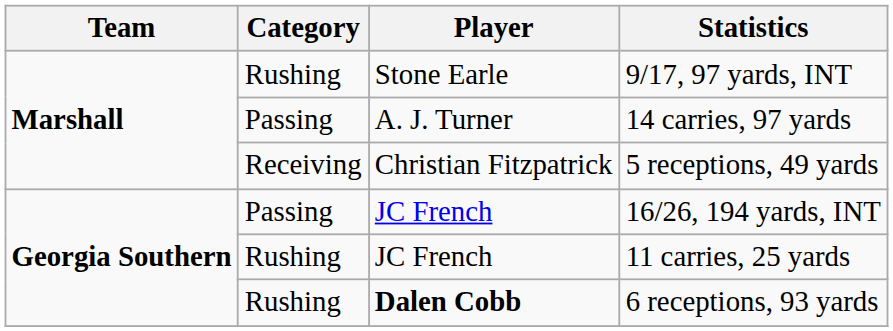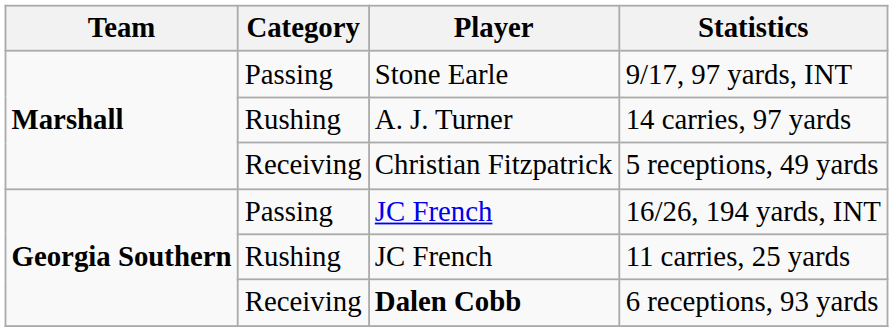 <table class="wikitable" style="float: right;">
 <tr>
 <th>Team</th>
 <th>Category</th>
 <th>Player</th>
 <th>Statistics</th>
 </tr>
 <tr>
 <td rowspan=3><strong>Marshall</strong></td>
-<td>Rushing</td>
+<td>Passing</td>
 <td>Stone Earle</td>
 <td>9/17, 97 yards, INT</td>
 </tr>
 <tr>
-<td>Passing</td>
+<td>Rushing</td>
 <td>A. J. Turner</td>
 <td>14 carries, 97 yards</td>
 </tr>
 <tr>
 <td>Receiving</td>
 <td>Christian Fitzpatrick</td>
 <td>5 receptions, 49 yards</td>
 </tr>
 <tr>
 <td rowspan=3><strong>Georgia Southern</strong></td>
 <td>Passing</td>
 <td><a href='#'>JC French</a></td>
 <td>16/26, 194 yards, INT</td>
 </tr>
 <tr>
 <td>Rushing</td>
 <td>JC French</td>
 <td>11 carries, 25 yards</td>
 </tr>
 <tr>
-<td>Rushing</td>
+<td>Receiving</td>
 <td><strong>Dalen Cobb</strong></td>
 <td>6 receptions, 93 yards</td>
 </tr>
 </table>
